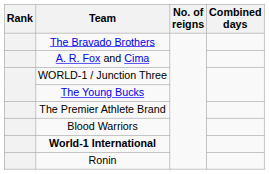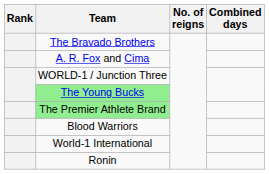 <table class="wikitable sortable" style="text-align: center">
 <tr>
 <th>Rank</th>
 <th>Team</th>
 <th>No. of<br>reigns</th>
 <th>Combined<br>days</th>
 </tr>
 <tr>
 <th></th>
 <td><a href='#'>The Bravado Brothers</a><br></td>
 <td rowspan=8></td>
 <td></td>
 </tr>
 <tr>
 <th></th>
 <td><a href='#'>A. R. Fox</a> and <a href='#'>Cima</a></td>
 <td></td>
 </tr>
 <tr>
 <th rowspan=2></th>
 <td>WORLD-1 / Junction Three<br></td>
 <td rowspan=2></td>
 </tr>
 <tr>
-<td><a href='#'>The Young Bucks</a><br></td>
+<td style="background: lightgreen;"><a href='#'>The Young Bucks</a><br></td>
 </tr>
 <tr>
 <th></th>
-<td>The Premier Athlete Brand<br></td>
+<td style="background: lightgreen;">The Premier Athlete Brand<br></td>
 <td></td>
 </tr>
 <tr>
 <th></th>
 <td>Blood Warriors<br></td>
 <td></td>
 </tr>
 <tr>
 <th></th>
-<td><strong>World-1 International<br></strong></td>
+<td>World-1 International<br></td>
 <td></td>
 </tr>
 <tr>
 <th></th>
 <td>Ronin<br></td>
 <td></td>
 </tr>
 </table>
